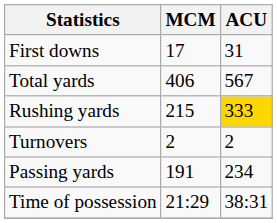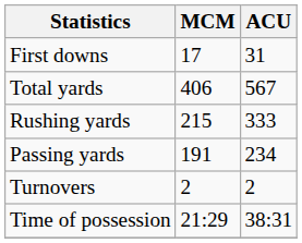 <table class="wikitable">
 <tr>
 <th>Statistics</th>
 <th>MCM</th>
 <th>ACU</th>
 </tr>
 <tr>
 <td>First downs</td>
 <td>17</td>
 <td>31</td>
 </tr>
 <tr>
 <td>Total yards</td>
 <td>406</td>
 <td>567</td>
 </tr>
 <tr>
 <td>Rushing yards</td>
 <td>215</td>
-<td style="background: gold;">333</td>
+<td>333</td>
+</tr>
+<tr>
+<td>Passing yards</td>
+<td>191</td>
+<td>234</td>
 </tr>
 <tr>
 <td>Turnovers</td>
 <td>2</td>
 <td>2</td>
-</tr>
-<tr>
-<td>Passing yards</td>
-<td>191</td>
-<td>234</td>
 </tr>
 <tr>
 <td>Time of possession</td>
 <td>21:29</td>
 <td>38:31</td>
 </tr>
 <tr>
 </tr>
 </table>
